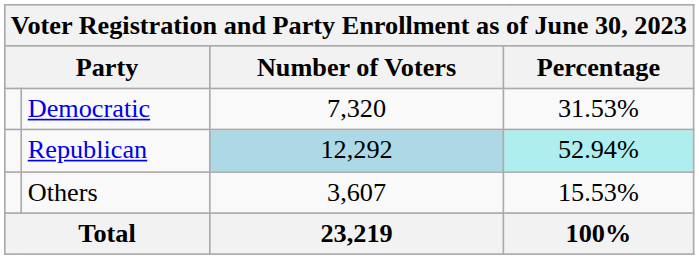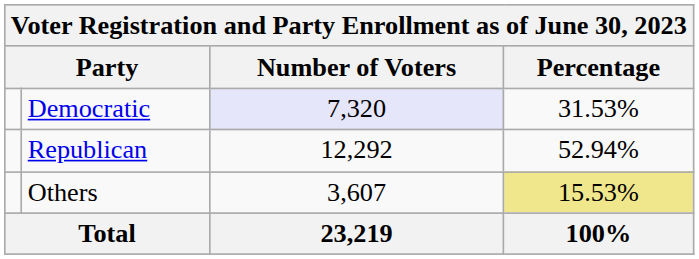 <table class=wikitable>
 <tr>
 <th colspan = 6>Voter Registration and Party Enrollment as of June 30, 2023</th>
 </tr>
 <tr>
 <th colspan = 2>Party</th>
 <th>Number of Voters</th>
 <th>Percentage</th>
 </tr>
 <tr>
 <td></td>
 <td><a href='#'>Democratic</a></td>
-<td align = center>7,320</td>
+<td align = center style="background: lavender;">7,320</td>
 <td align = center>31.53%</td>
 </tr>
 <tr>
 <td></td>
 <td><a href='#'>Republican</a></td>
-<td align = center style="background: lightblue;">12,292</td>
-<td align = center style="background: paleturquoise;">52.94%</td>
+<td align = center>12,292</td>
+<td align = center>52.94%</td>
 </tr>
 <tr>
 <td></td>
 <td>Others</td>
 <td align = center>3,607</td>
-<td align = center>15.53%</td>
+<td align = center style="background: khaki;">15.53%</td>
 </tr>
 <tr>
 <th colspan = 2>Total</th>
 <th align = center>23,219</th>
 <th align = center>100%</th>
 </tr>
 </table>
